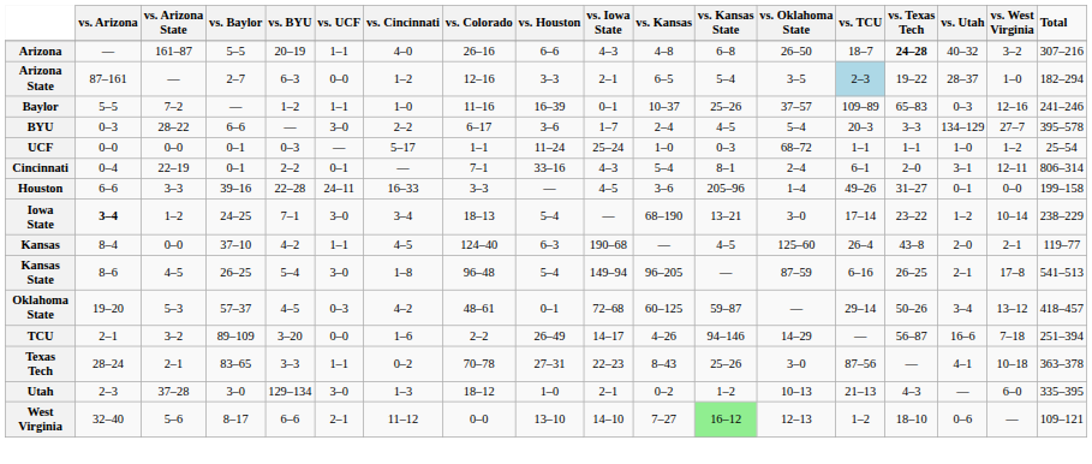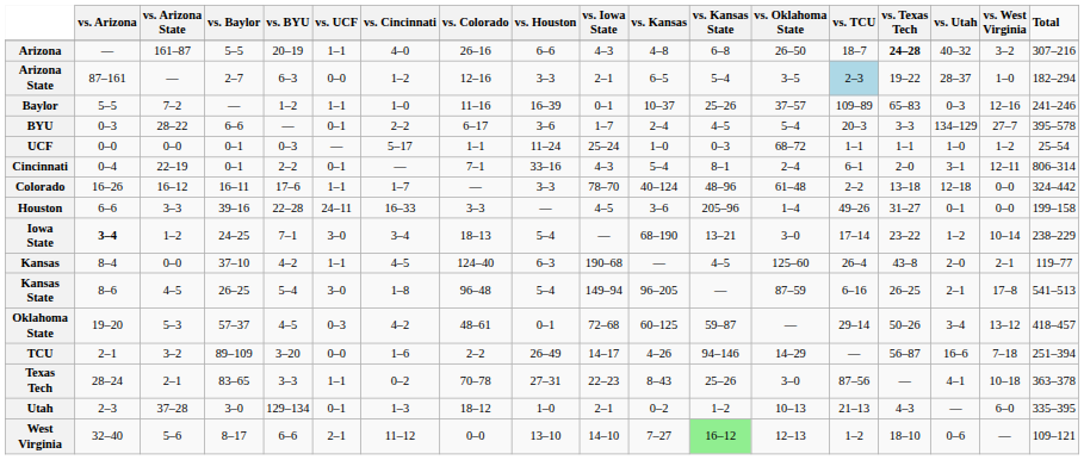 <table class="wikitable" style="white-space:nowrap; font-size:90%">
 <tr>
 <th colspan="1" style="background:white; border-top-style:hidden; border-left-style:hidden;" width="75"></th>
 <th>vs. Arizona</th>
 <th>vs. Arizona<br>State</th>
 <th>vs. Baylor</th>
 <th>vs. BYU</th>
 <th>vs. UCF</th>
 <th>vs. Cincinnati</th>
 <th>vs. Colorado</th>
 <th>vs. Houston</th>
 <th>vs. Iowa<br>State</th>
 <th>vs. Kansas</th>
 <th>vs. Kansas<br>State</th>
 <th>vs. Oklahoma<br>State</th>
 <th>vs. TCU</th>
 <th>vs. Texas<br>Tech</th>
 <th>vs. Utah</th>
 <th>vs. West<br>Virginia</th>
 <td><strong>Total</strong></td>
 </tr>
 <tr>
 </tr>
 <tr>
 <th>Arizona</th>
 <td style="text-align: center;">—</td>
 <td style="text-align: center;">161–87</td>
 <td style="text-align: center;">5–5</td>
 <td style="text-align: center;">20–19</td>
 <td style="text-align: center;">1–1</td>
 <td style="text-align: center;">4–0</td>
 <td style="text-align: center;">26–16</td>
 <td style="text-align: center;">6–6</td>
 <td style="text-align: center;">4–3</td>
 <td style="text-align: center;">4–8</td>
 <td style="text-align: center;">6–8</td>
 <td style="text-align: center;">26–50</td>
 <td style="text-align: center;">18–7</td>
 <td style="text-align: center;"><strong>24–28</strong></td>
 <td style="text-align: center;">40–32</td>
 <td style="text-align: center;">3–2</td>
 <td style="text-align: center;">307–216</td>
 </tr>
 <tr>
 <th>Arizona<br>State</th>
 <td style="text-align: center;">87–161</td>
 <td style="text-align: center;">—</td>
 <td style="text-align: center;">2–7</td>
 <td style="text-align: center;">6–3</td>
 <td style="text-align: center;">0–0</td>
 <td style="text-align: center;">1–2</td>
 <td style="text-align: center;">12–16</td>
 <td style="text-align: center;">3–3</td>
 <td style="text-align: center;">2–1</td>
 <td style="text-align: center;">6–5</td>
 <td style="text-align: center;">5–4</td>
 <td style="text-align: center;">3–5</td>
 <td style="background: lightblue; text-align: center;">2–3</td>
 <td style="text-align: center;">19–22</td>
 <td style="text-align: center;">28–37</td>
 <td style="text-align: center;">1–0</td>
 <td style="text-align: center;">182–294</td>
 </tr>
 <tr>
 <th>Baylor</th>
 <td style="text-align: center;">5–5</td>
 <td style="text-align: center;">7–2</td>
 <td style="text-align: center;">—</td>
 <td style="text-align: center;">1–2</td>
 <td style="text-align: center;">1–1</td>
 <td style="text-align: center;">1–0</td>
 <td style="text-align: center;">11–16</td>
 <td style="text-align: center;">16–39</td>
 <td style="text-align: center;">0–1</td>
 <td style="text-align: center;">10–37</td>
 <td style="text-align: center;">25–26</td>
 <td style="text-align: center;">37–57</td>
 <td style="text-align: center;">109–89</td>
 <td style="text-align: center;">65–83</td>
 <td style="text-align: center;">0–3</td>
 <td style="text-align: center;">12–16</td>
 <td>241–246</td>
 </tr>
 <tr>
 <th>BYU</th>
 <td style="text-align: center;">0–3</td>
 <td style="text-align: center;">28–22</td>
 <td style="text-align: center;">6–6</td>
 <td style="text-align: center;">—</td>
-<td style="text-align: center;">3–0</td>
+<td style="text-align: center;">0–1</td>
 <td style="text-align: center;">2–2</td>
 <td style="text-align: center;">6–17</td>
 <td style="text-align: center;">3–6</td>
 <td style="text-align: center;">1–7</td>
 <td style="text-align: center;">2–4</td>
 <td style="text-align: center;">4–5</td>
 <td style="text-align: center;">5–4</td>
 <td style="text-align: center;">20–3</td>
 <td style="text-align: center;">3–3</td>
 <td style="text-align: center;">134–129</td>
 <td style="text-align: center;">27–7</td>
 <td>395–578</td>
 </tr>
 <tr>
 <th>UCF</th>
 <td style="text-align: center;">0–0</td>
 <td style="text-align: center;">0–0</td>
 <td style="text-align: center;">0–1</td>
 <td style="text-align: center;">0–3</td>
 <td style="text-align: center;">—</td>
 <td style="text-align: center;">5–17</td>
 <td style="text-align: center;">1–1</td>
 <td style="text-align: center;">11–24</td>
 <td style="text-align: center;">25–24</td>
 <td style="text-align: center;">1–0</td>
 <td style="text-align: center;">0–3</td>
 <td style="text-align: center;">68–72</td>
 <td style="text-align: center;">1–1</td>
 <td style="text-align: center;">1–1</td>
 <td style="text-align: center;">1–0</td>
 <td style="text-align: center;">1–2</td>
 <td style="text-align: center;">25–54</td>
 </tr>
 <tr>
 <th>Cincinnati</th>
 <td style="text-align: center;">0–4</td>
 <td style="text-align: center;">22–19</td>
 <td style="text-align: center;">0–1</td>
 <td style="text-align: center;">2–2</td>
 <td style="text-align: center;">0–1</td>
 <td style="text-align: center;">—</td>
 <td style="text-align: center;">7–1</td>
 <td style="text-align: center;">33–16</td>
 <td style="text-align: center;">4–3</td>
 <td style="text-align: center;">5–4</td>
 <td style="text-align: center;">8–1</td>
 <td style="text-align: center;">2–4</td>
 <td style="text-align: center;">6–1</td>
 <td style="text-align: center;">2–0</td>
 <td style="text-align: center;">3–1</td>
 <td style="text-align: center;">12–11</td>
 <td>806–314</td>
+</tr>
+<tr>
+<th>Colorado</th>
+<td style="text-align: center;">16–26</td>
+<td style="text-align: center;">16–12</td>
+<td style="text-align: center;">16–11</td>
+<td style="text-align: center;">17–6</td>
+<td style="text-align: center;">1–1</td>
+<td style="text-align: center;">1–7</td>
+<td style="text-align: center;">—</td>
+<td style="text-align: center;">3–3</td>
+<td style="text-align: center;">78–70</td>
+<td style="text-align: center;">40–124</td>
+<td style="text-align: center;">48–96</td>
+<td style="text-align: center;">61–48</td>
+<td style="text-align: center;">2–2</td>
+<td style="text-align: center;">13–18</td>
+<td style="text-align: center;">12–18</td>
+<td style="text-align: center;">0–0</td>
+<td style="text-align: center;">324–442</td>
 </tr>
 <tr>
 <th>Houston</th>
 <td style="text-align: center;">6–6</td>
 <td style="text-align: center;">3–3</td>
 <td style="text-align: center;">39–16</td>
 <td style="text-align: center;">22–28</td>
 <td style="text-align: center;">24–11</td>
 <td style="text-align: center;">16–33</td>
 <td style="text-align: center;">3–3</td>
 <td style="text-align: center;">—</td>
 <td style="text-align: center;">4–5</td>
 <td style="text-align: center;">3–6</td>
 <td style="text-align: center;">205–96</td>
 <td style="text-align: center;">1–4</td>
 <td style="text-align: center;">49–26</td>
 <td style="text-align: center;">31–27</td>
 <td style="text-align: center;">0–1</td>
 <td style="text-align: center;">0–0</td>
 <td style="text-align: center;">199–158</td>
 </tr>
 <tr>
 <th>Iowa<br>State</th>
 <td style="text-align: center;"><strong>3–4</strong></td>
 <td style="text-align: center;">1–2</td>
 <td style="text-align: center;">24–25</td>
 <td style="text-align: center;">7–1</td>
 <td style="text-align: center;">3–0</td>
 <td style="text-align: center;">3–4</td>
 <td style="text-align: center;">18–13</td>
 <td style="text-align: center;">5–4</td>
 <td style="text-align: center;">—</td>
 <td style="text-align: center;">68–190</td>
 <td style="text-align: center;">13–21</td>
 <td style="text-align: center;">3–0</td>
 <td style="text-align: center;">17–14</td>
 <td style="text-align: center;">23–22</td>
 <td style="text-align: center;">1–2</td>
 <td style="text-align: center;">10–14</td>
 <td style="text-align: center;">238–229</td>
 </tr>
 <tr>
 <th>Kansas</th>
 <td style="text-align: center;">8–4</td>
 <td style="text-align: center;">0–0</td>
 <td style="text-align: center;">37–10</td>
 <td style="text-align: center;">4–2</td>
 <td style="text-align: center;">1–1</td>
 <td style="text-align: center;">4–5</td>
 <td style="text-align: center;">124–40</td>
 <td style="text-align: center;">6–3</td>
 <td style="text-align: center;">190–68</td>
 <td style="text-align: center;">—</td>
 <td style="text-align: center;">4–5</td>
 <td style="text-align: center;">125–60</td>
 <td style="text-align: center;">26–4</td>
 <td style="text-align: center;">43–8</td>
 <td style="text-align: center;">2–0</td>
 <td style="text-align: center;">2–1</td>
 <td style="text-align: center;">119–77</td>
 </tr>
 <tr>
 <th>Kansas<br>State</th>
 <td style="text-align: center;">8–6</td>
 <td style="text-align: center;">4–5</td>
 <td style="text-align: center;">26–25</td>
 <td style="text-align: center;">5–4</td>
 <td style="text-align: center;">3–0</td>
 <td style="text-align: center;">1–8</td>
 <td style="text-align: center;">96–48</td>
 <td style="text-align: center;">5–4</td>
 <td style="text-align: center;">149–94</td>
 <td style="text-align: center;">96–205</td>
 <td style="text-align: center;">—</td>
 <td style="text-align: center;">87–59</td>
 <td style="text-align: center;">6–16</td>
 <td style="text-align: center;">26–25</td>
 <td style="text-align: center;">2–1</td>
 <td style="text-align: center;">17–8</td>
 <td>541–513</td>
 </tr>
 <tr>
 <th>Oklahoma<br>State</th>
 <td style="text-align: center;">19–20</td>
 <td style="text-align: center;">5–3</td>
 <td style="text-align: center;">57–37</td>
 <td style="text-align: center;">4–5</td>
 <td style="text-align: center;">0–3</td>
 <td style="text-align: center;">4–2</td>
 <td style="text-align: center;">48–61</td>
 <td style="text-align: center;">0–1</td>
 <td style="text-align: center;">72–68</td>
 <td style="text-align: center;">60–125</td>
 <td style="text-align: center;">59–87</td>
 <td style="text-align: center;">—</td>
 <td style="text-align: center;">29–14</td>
 <td style="text-align: center;">50–26</td>
 <td style="text-align: center;">3–4</td>
 <td style="text-align: center;">13–12</td>
 <td>418–457</td>
 </tr>
 <tr>
 <th>TCU</th>
 <td style="text-align: center;">2–1</td>
 <td style="text-align: center;">3–2</td>
 <td style="text-align: center;">89–109</td>
 <td style="text-align: center;">3–20</td>
 <td style="text-align: center;">0–0</td>
 <td style="text-align: center;">1–6</td>
 <td style="text-align: center;">2–2</td>
 <td style="text-align: center;">26–49</td>
 <td style="text-align: center;">14–17</td>
 <td style="text-align: center;">4–26</td>
 <td style="text-align: center;">94–146</td>
 <td style="text-align: center;">14–29</td>
 <td style="text-align: center;">—</td>
 <td style="text-align: center;">56–87</td>
 <td style="text-align: center;">16–6</td>
 <td style="text-align: center;">7–18</td>
 <td>251–394</td>
 </tr>
 <tr>
 <th>Texas<br>Tech</th>
 <td style="text-align: center;">28–24</td>
 <td style="text-align: center;">2–1</td>
 <td style="text-align: center;">83–65</td>
 <td style="text-align: center;">3–3</td>
 <td style="text-align: center;">1–1</td>
 <td style="text-align: center;">0–2</td>
 <td style="text-align: center;">70–78</td>
 <td style="text-align: center;">27–31</td>
 <td style="text-align: center;">22–23</td>
 <td style="text-align: center;">8–43</td>
 <td style="text-align: center;">25–26</td>
 <td style="text-align: center;">3–0</td>
 <td style="text-align: center;">87–56</td>
 <td style="text-align: center;">—</td>
 <td style="text-align: center;">4–1</td>
 <td style="text-align: center;">10–18</td>
 <td>363–378</td>
 </tr>
 <tr>
 <th>Utah</th>
 <td style="text-align: center;">2–3</td>
 <td style="text-align: center;">37–28</td>
 <td style="text-align: center;">3–0</td>
 <td style="text-align: center;">129–134</td>
-<td style="text-align: center;">3–0</td>
+<td style="text-align: center;">0–1</td>
 <td style="text-align: center;">1–3</td>
 <td style="text-align: center;">18–12</td>
 <td style="text-align: center;">1–0</td>
 <td style="text-align: center;">2–1</td>
 <td style="text-align: center;">0–2</td>
 <td style="text-align: center;">1–2</td>
 <td style="text-align: center;">10–13</td>
 <td style="text-align: center;">21–13</td>
 <td style="text-align: center;">4–3</td>
 <td style="text-align: center;">—</td>
 <td style="text-align: center;">6–0</td>
 <td style="text-align: center;">335–395</td>
 </tr>
 <tr>
 <th>West<br>Virginia</th>
 <td style="text-align: center;">32–40</td>
 <td style="text-align: center;">5–6</td>
 <td style="text-align: center;">8–17</td>
 <td style="text-align: center;">6–6</td>
 <td style="text-align: center;">2–1</td>
 <td style="text-align: center;">11–12</td>
 <td style="text-align: center;">0–0</td>
 <td style="text-align: center;">13–10</td>
 <td style="text-align: center;">14–10</td>
 <td style="text-align: center;">7–27</td>
 <td style="background: lightgreen; text-align: center;">16–12</td>
 <td style="text-align: center;">12–13</td>
 <td style="text-align: center;">1–2</td>
 <td style="text-align: center;">18–10</td>
 <td style="text-align: center;">0–6</td>
 <td style="text-align: center;">—</td>
 <td>109–121</td>
 </tr>
 </table>
